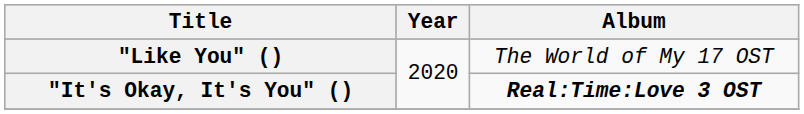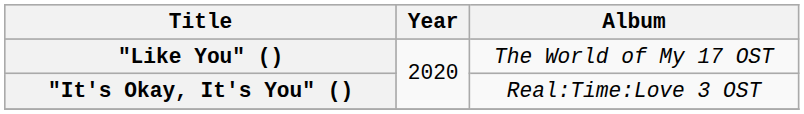 <table class="wikitable plainrowheaders" style="text-align:center;">
 <tr>
 <th scope="col" style="width:18em;">Title</th>
 <th scope="col" style="width:3em;">Year</th>
 <th scope="col" style="width:15em;">Album</th>
 </tr>
 <tr>
 <th scope="row">"Like You" ()</th>
 <td rowspan="2">2020</td>
 <td><em>The World of My 17 OST</em></td>
 </tr>
 <tr>
 <th scope="row">"It's Okay, It's You" ()</th>
-<td><strong><em>Real:Time:Love 3 OST</em></strong></td>
+<td><em>Real:Time:Love 3 OST</em></td>
 </tr>
 <tr>
 </tr>
 </table>
